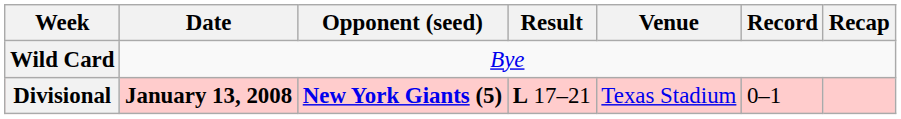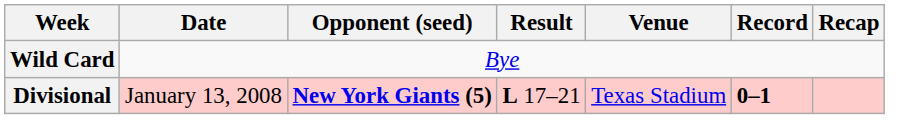 <table class="wikitable" align="center">
 <tr>
 <th>Week</th>
 <th>Date</th>
 <th>Opponent (seed)</th>
 <th>Result</th>
 <th>Venue</th>
 <th>Record</th>
 <th>Recap</th>
 </tr>
 <tr align="center">
 <th>Wild Card</th>
 <td colspan="8" align="center"><em><a href='#'>Bye</a></em></td>
 </tr>
 <tr style="background: #fcc;">
 <th>Divisional</th>
-<td><strong>January 13, 2008</strong></td>
+<td>January 13, 2008</td>
 <td><strong><a href='#'>New York Giants</a> (5)</strong></td>
 <td><strong>L</strong> 17–21</td>
 <td><a href='#'>Texas Stadium</a></td>
-<td>0–1</td>
+<td><strong>0–1</strong></td>
 <td></td>
 </tr>
 </table>
